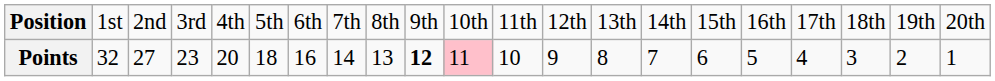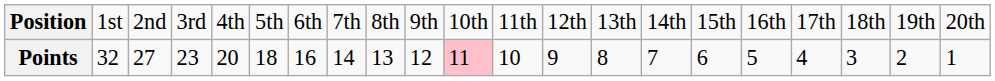 <table class="wikitable" border="1">
 <tr>
 <th>Position</th>
 <td>1st</td>
 <td>2nd</td>
 <td>3rd</td>
 <td>4th</td>
 <td>5th</td>
 <td>6th</td>
 <td>7th</td>
 <td>8th</td>
 <td>9th</td>
 <td>10th</td>
 <td>11th</td>
 <td>12th</td>
 <td>13th</td>
 <td>14th</td>
 <td>15th</td>
 <td>16th</td>
 <td>17th</td>
 <td>18th</td>
 <td>19th</td>
 <td>20th</td>
 </tr>
 <tr>
 <th>Points</th>
 <td>32</td>
 <td>27</td>
 <td>23</td>
 <td>20</td>
 <td>18</td>
 <td>16</td>
 <td>14</td>
 <td>13</td>
-<td><strong>12</strong></td>
+<td>12</td>
 <td style="background: pink;">11</td>
 <td>10</td>
 <td>9</td>
 <td>8</td>
 <td>7</td>
 <td>6</td>
 <td>5</td>
 <td>4</td>
 <td>3</td>
 <td>2</td>
 <td>1</td>
 </tr>
 </table>
